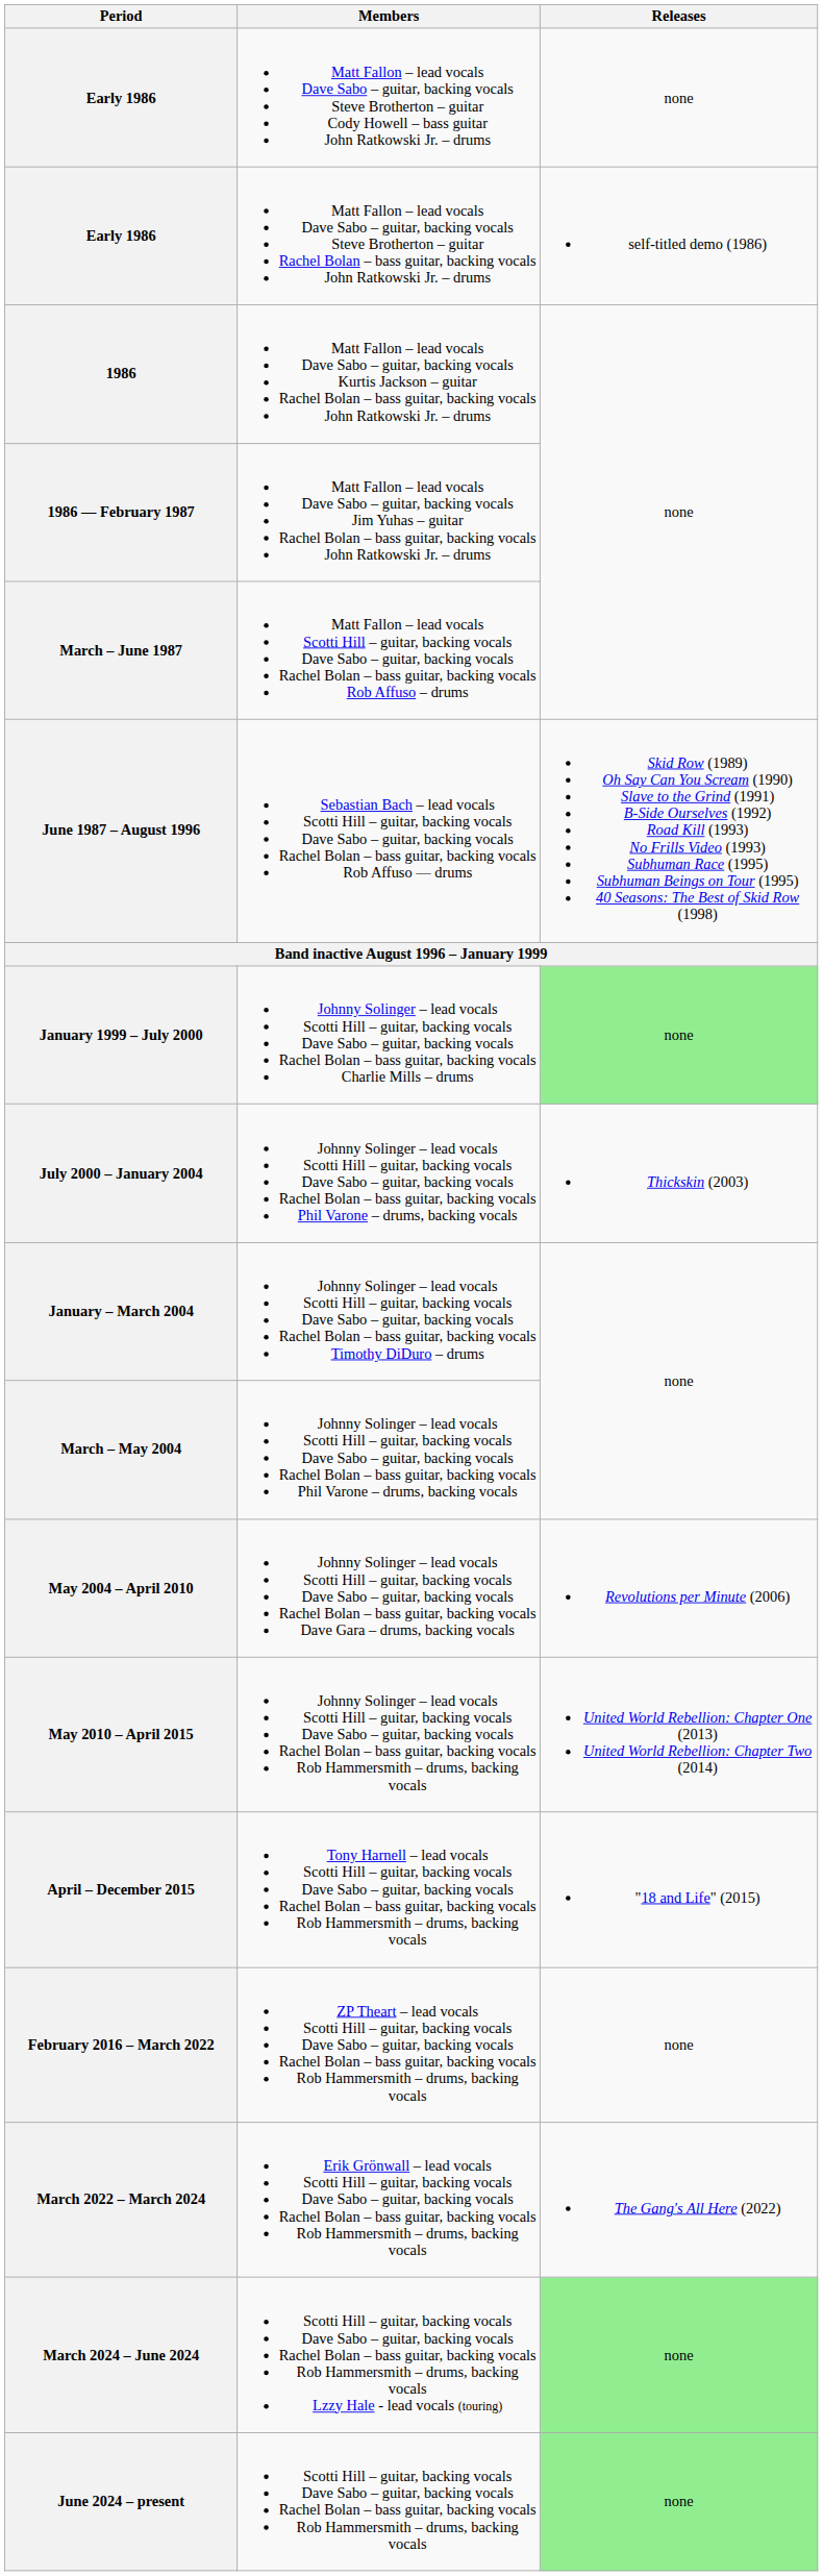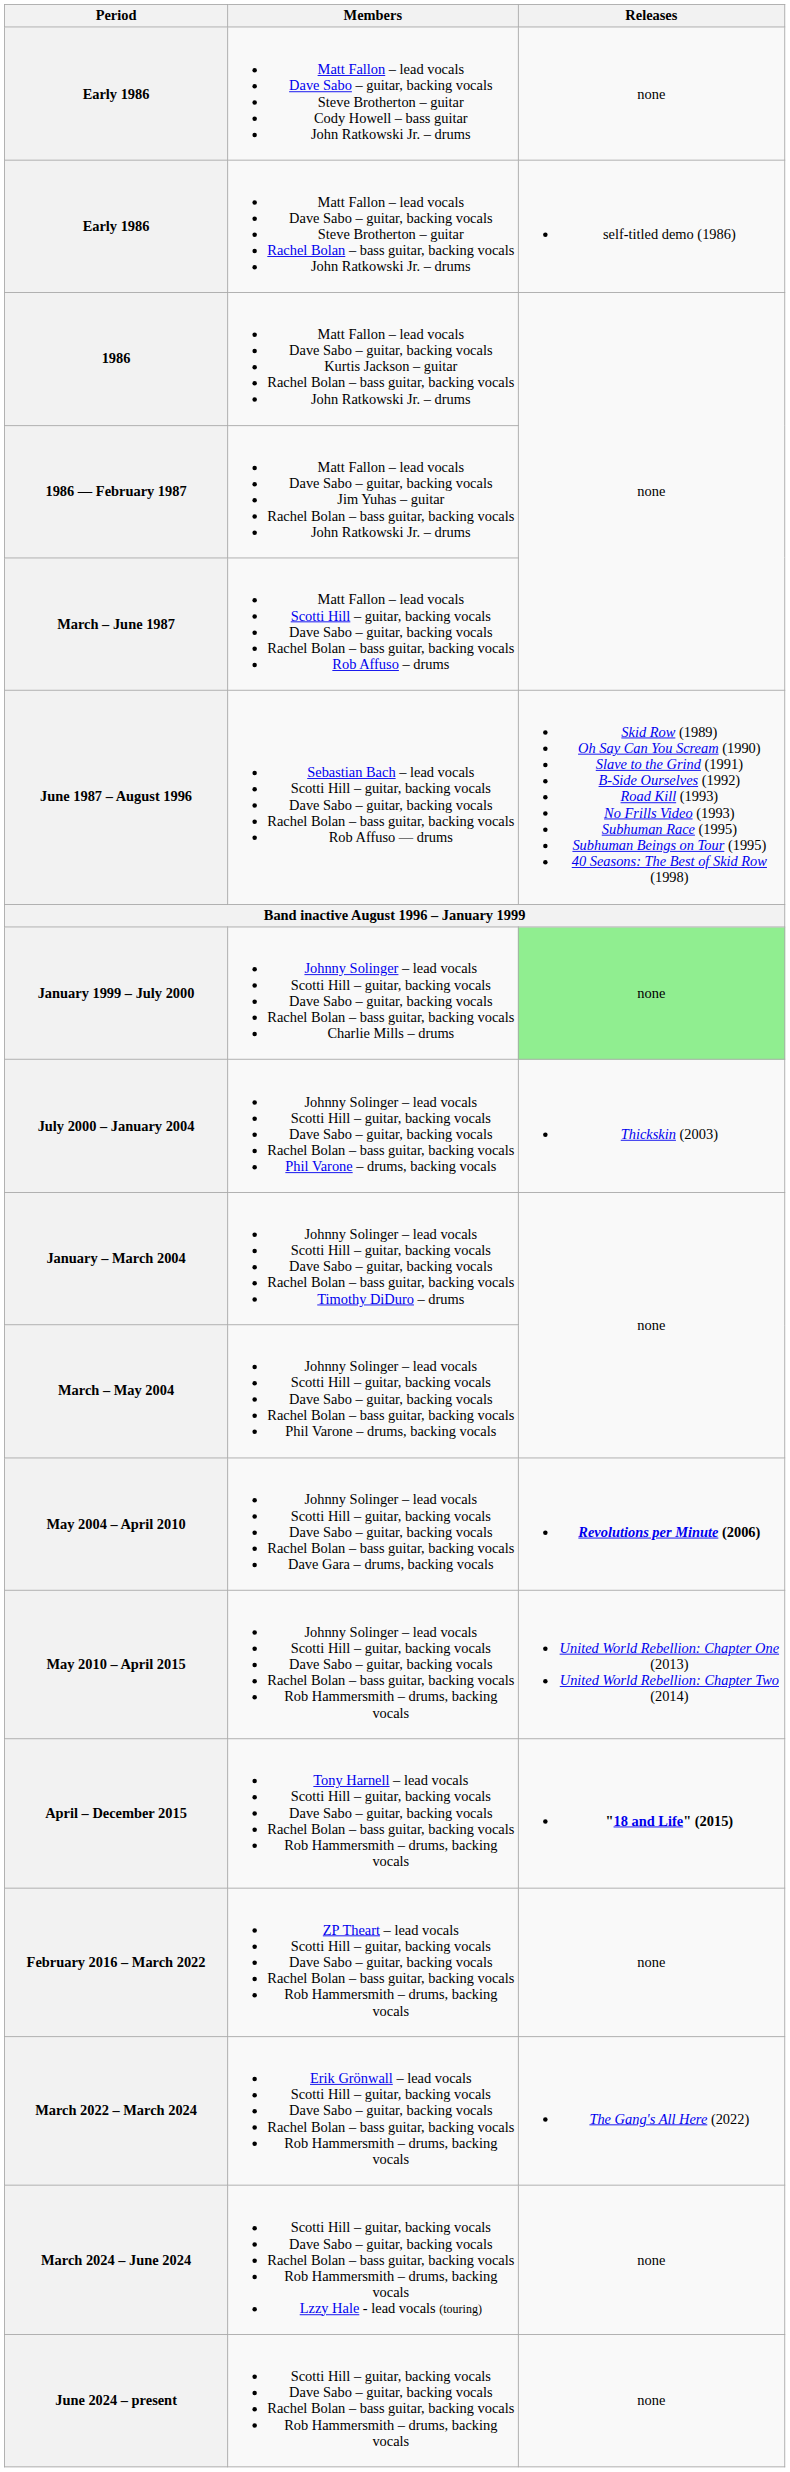 <table class="wikitable plainrowheaders" style="text-align:center;">
 <tr>
 <th scope="col" style="width:20em;">Period</th>
 <th scope="col" style="width:25em;">Members</th>
 <th scope="col" style="width:23em;">Releases</th>
 </tr>
 <tr>
 <th scope="col">Early 1986</th>
 <td><br><ul><li><a href='#'>Matt Fallon</a> – lead vocals</li><li><a href='#'>Dave Sabo</a> – guitar, backing vocals</li><li>Steve Brotherton – guitar</li><li>Cody Howell – bass guitar</li><li>John Ratkowski Jr. – drums</li></ul></td>
 <td>none</td>
 </tr>
 <tr>
 <th scope="col">Early 1986</th>
 <td><br><ul><li>Matt Fallon – lead vocals</li><li>Dave Sabo – guitar, backing vocals</li><li>Steve Brotherton – guitar</li><li><a href='#'>Rachel Bolan</a> – bass guitar, backing vocals</li><li>John Ratkowski Jr. – drums</li></ul></td>
 <td><br><ul><li>self-titled demo (1986)</li></ul></td>
 </tr>
 <tr>
 <th scope="col">1986</th>
 <td><br><ul><li>Matt Fallon – lead vocals</li><li>Dave Sabo – guitar, backing vocals</li><li>Kurtis Jackson – guitar</li><li>Rachel Bolan – bass guitar, backing vocals</li><li>John Ratkowski Jr. – drums</li></ul></td>
 <td rowspan="3">none</td>
 </tr>
 <tr>
 <th scope="col">1986 — February 1987</th>
 <td><br><ul><li>Matt Fallon – lead vocals</li><li>Dave Sabo – guitar, backing vocals</li><li>Jim Yuhas – guitar</li><li>Rachel Bolan – bass guitar, backing vocals</li><li>John Ratkowski Jr. – drums</li></ul></td>
 </tr>
 <tr>
 <th scope="col">March – June 1987</th>
 <td><br><ul><li>Matt Fallon – lead vocals</li><li><a href='#'>Scotti Hill</a> – guitar, backing vocals</li><li>Dave Sabo – guitar, backing vocals</li><li>Rachel Bolan – bass guitar, backing vocals</li><li><a href='#'>Rob Affuso</a> – drums</li></ul></td>
 </tr>
 <tr>
 <th scope="col">June 1987 – August 1996</th>
 <td><br><ul><li><a href='#'>Sebastian Bach</a> – lead vocals</li><li>Scotti Hill – guitar, backing vocals</li><li>Dave Sabo – guitar, backing vocals</li><li>Rachel Bolan – bass guitar, backing vocals</li><li>Rob Affuso — drums</li></ul></td>
 <td><br><ul><li><em><a href='#'>Skid Row</a></em> (1989)</li><li><em><a href='#'>Oh Say Can You Scream</a></em> (1990)</li><li><em><a href='#'>Slave to the Grind</a></em> (1991)</li><li><em><a href='#'>B-Side Ourselves</a></em> (1992)</li><li><em><a href='#'>Road Kill</a></em> (1993)</li><li><em><a href='#'>No Frills Video</a></em> (1993)</li><li><em><a href='#'>Subhuman Race</a></em> (1995)</li><li><em><a href='#'>Subhuman Beings on Tour</a></em> (1995)</li><li><em><a href='#'>40 Seasons: The Best of Skid Row</a></em> (1998)</li></ul></td>
 </tr>
 <tr>
 <th scope="col" colspan="3">Band inactive August 1996 – January 1999</th>
 </tr>
 <tr>
 <th scope="col">January 1999 – July 2000</th>
 <td><br><ul><li><a href='#'>Johnny Solinger</a> – lead vocals</li><li>Scotti Hill – guitar, backing vocals</li><li>Dave Sabo – guitar, backing vocals</li><li>Rachel Bolan – bass guitar, backing vocals</li><li>Charlie Mills – drums</li></ul></td>
 <td style="background: lightgreen;">none</td>
 </tr>
 <tr>
 <th scope="col">July 2000 – January 2004</th>
 <td><br><ul><li>Johnny Solinger – lead vocals</li><li>Scotti Hill – guitar, backing vocals</li><li>Dave Sabo – guitar, backing vocals</li><li>Rachel Bolan – bass guitar, backing vocals</li><li><a href='#'>Phil Varone</a> – drums, backing vocals</li></ul></td>
 <td><br><ul><li><em><a href='#'>Thickskin</a></em> (2003)</li></ul></td>
 </tr>
 <tr>
 <th scope="col">January – March 2004</th>
 <td><br><ul><li>Johnny Solinger – lead vocals</li><li>Scotti Hill – guitar, backing vocals</li><li>Dave Sabo – guitar, backing vocals</li><li>Rachel Bolan – bass guitar, backing vocals</li><li><a href='#'>Timothy DiDuro</a> – drums</li></ul></td>
 <td rowspan="2">none</td>
 </tr>
 <tr>
 <th scope="col">March – May 2004</th>
 <td><br><ul><li>Johnny Solinger – lead vocals</li><li>Scotti Hill – guitar, backing vocals</li><li>Dave Sabo – guitar, backing vocals</li><li>Rachel Bolan – bass guitar, backing vocals</li><li>Phil Varone – drums, backing vocals</li></ul></td>
 </tr>
 <tr>
 <th scope="col">May 2004 – April 2010</th>
 <td><br><ul><li>Johnny Solinger – lead vocals</li><li>Scotti Hill – guitar, backing vocals</li><li>Dave Sabo – guitar, backing vocals</li><li>Rachel Bolan – bass guitar, backing vocals</li><li>Dave Gara – drums, backing vocals</li></ul></td>
-<td><br><ul><li><em><a href='#'>Revolutions per Minute</a></em> (2006)</li></ul></td>
+<td><strong><br><ul><li><em><a href='#'>Revolutions per Minute</a></em> (2006)</li></ul></strong></td>
 </tr>
 <tr>
 <th scope="col">May 2010 – April 2015</th>
 <td><br><ul><li>Johnny Solinger – lead vocals</li><li>Scotti Hill – guitar, backing vocals</li><li>Dave Sabo – guitar, backing vocals</li><li>Rachel Bolan – bass guitar, backing vocals</li><li>Rob Hammersmith – drums, backing vocals</li></ul></td>
 <td><br><ul><li><em><a href='#'>United World Rebellion: Chapter One</a></em> (2013)</li><li><em><a href='#'>United World Rebellion: Chapter Two</a></em> (2014)</li></ul></td>
 </tr>
 <tr>
 <th scope="col">April – December 2015</th>
 <td><br><ul><li><a href='#'>Tony Harnell</a> – lead vocals</li><li>Scotti Hill – guitar, backing vocals</li><li>Dave Sabo – guitar, backing vocals</li><li>Rachel Bolan – bass guitar, backing vocals</li><li>Rob Hammersmith – drums, backing vocals</li></ul></td>
-<td><br><ul><li>"<a href='#'>18 and Life</a>" (2015)</li></ul></td>
+<td><strong><br><ul><li>"<a href='#'>18 and Life</a>" (2015)</li></ul></strong></td>
 </tr>
 <tr>
 <th scope="col">February 2016 – March 2022</th>
 <td><br><ul><li><a href='#'>ZP Theart</a> – lead vocals</li><li>Scotti Hill – guitar, backing vocals</li><li>Dave Sabo – guitar, backing vocals</li><li>Rachel Bolan – bass guitar, backing vocals</li><li>Rob Hammersmith – drums, backing vocals</li></ul></td>
 <td>none</td>
 </tr>
 <tr>
 <th scope="col">March 2022 – March 2024</th>
 <td><br><ul><li><a href='#'>Erik Grönwall</a> – lead vocals</li><li>Scotti Hill – guitar, backing vocals</li><li>Dave Sabo – guitar, backing vocals</li><li>Rachel Bolan – bass guitar, backing vocals</li><li>Rob Hammersmith – drums, backing vocals</li></ul></td>
 <td><br><ul><li><em><a href='#'>The Gang's All Here</a></em> (2022)</li></ul></td>
 </tr>
 <tr>
 <th scope="col">March 2024 – June 2024</th>
 <td><br><ul><li>Scotti Hill – guitar, backing vocals</li><li>Dave Sabo – guitar, backing vocals</li><li>Rachel Bolan – bass guitar, backing vocals</li><li>Rob Hammersmith – drums, backing vocals</li><li><a href='#'>Lzzy Hale</a> - lead vocals <small>(touring)</small></li></ul></td>
-<td style="background: lightgreen;">none</td>
+<td>none</td>
 </tr>
 <tr>
 <th scope="col">June 2024 – present</th>
 <td><br><ul><li>Scotti Hill – guitar, backing vocals</li><li>Dave Sabo – guitar, backing vocals</li><li>Rachel Bolan – bass guitar, backing vocals</li><li>Rob Hammersmith – drums, backing vocals</li></ul></td>
-<td style="background: lightgreen;">none</td>
+<td>none</td>
 </tr>
 </table>
